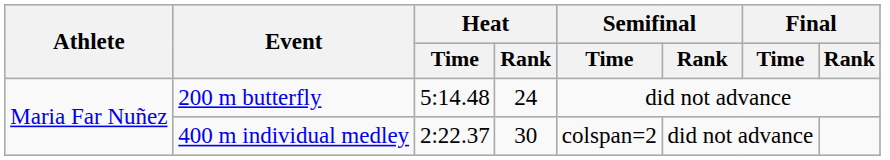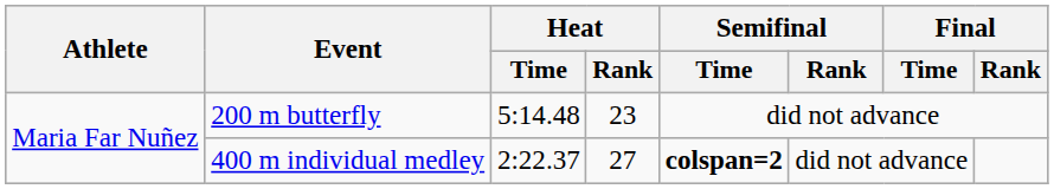 <table class=wikitable style="font-size:90%">
 <tr>
 <th rowspan="2">Athlete</th>
 <th rowspan="2">Event</th>
 <th colspan="2">Heat</th>
 <th colspan="2">Semifinal</th>
 <th colspan="2">Final</th>
 </tr>
 <tr style="font-size:95%">
 <th>Time</th>
 <th>Rank</th>
 <th>Time</th>
 <th>Rank</th>
 <th>Time</th>
 <th>Rank</th>
 </tr>
 <tr align=center>
 <td align=left rowspan=2><a href='#'>Maria Far Nuñez</a></td>
 <td align=left><a href='#'>200 m butterfly</a></td>
 <td>5:14.48</td>
-<td>24</td>
+<td>23</td>
 <td colspan=4>did not advance</td>
 </tr>
 <tr align=center>
 <td align=left><a href='#'>400 m individual medley</a></td>
 <td>2:22.37</td>
-<td>30</td>
-<td>colspan=2 </td>
+<td>27</td>
+<td><strong>colspan=2 </strong></td>
 <td colspan=2>did not advance</td>
 </tr>
 </table>
